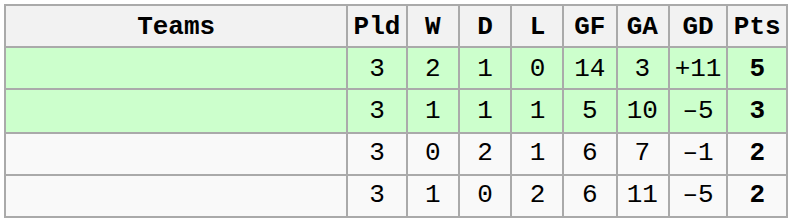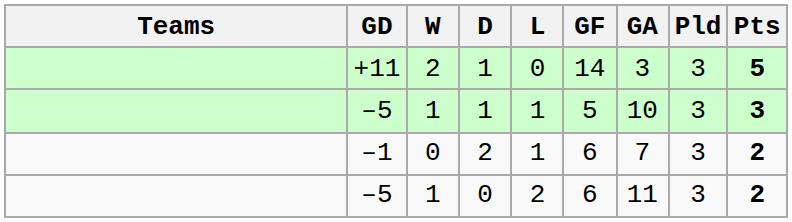 <table class="wikitable" style="text-align: center;">
 <tr>
 <th width=165>Teams</th>
-<th width=20>Pld</th>
+<th width=20>GD</th>
 <th width=20>W</th>
 <th width=20>D</th>
 <th width=20>L</th>
 <th width=20>GF</th>
 <th width=20>GA</th>
-<th width=20>GD</th>
+<th width=20>Pld</th>
 <th width=20>Pts</th>
 </tr>
 <tr align=center style="background:#ccffcc;">
 <td style="text-align:left;"></td>
-<td>3</td>
+<td>+11</td>
 <td>2</td>
 <td>1</td>
 <td>0</td>
 <td>14</td>
 <td>3</td>
-<td>+11</td>
+<td>3</td>
 <td><strong>5</strong></td>
 </tr>
 <tr align=center style="background:#ccffcc;">
 <td style="text-align:left;"></td>
-<td>3</td>
+<td>–5</td>
 <td>1</td>
 <td>1</td>
 <td>1</td>
 <td>5</td>
 <td>10</td>
-<td>–5</td>
+<td>3</td>
 <td><strong>3</strong></td>
 </tr>
 <tr align=center>
 <td style="text-align:left;"></td>
-<td>3</td>
+<td>–1</td>
 <td>0</td>
 <td>2</td>
 <td>1</td>
 <td>6</td>
 <td>7</td>
-<td>–1</td>
+<td>3</td>
 <td><strong>2</strong></td>
 </tr>
 <tr align=center>
 <td style="text-align:left;"></td>
-<td>3</td>
+<td>–5</td>
 <td>1</td>
 <td>0</td>
 <td>2</td>
 <td>6</td>
 <td>11</td>
-<td>–5</td>
+<td>3</td>
 <td><strong>2</strong></td>
 </tr>
 </table>
